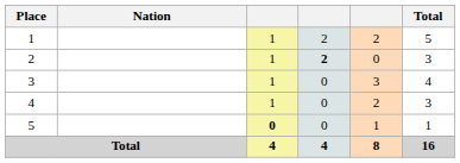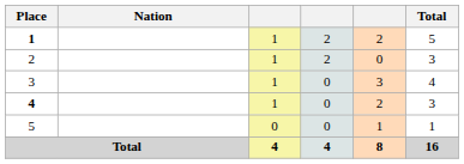 <table class=wikitable style="border:1px solid #AAAAAA;font-size:90%">
 <tr bgcolor="#EFEFEF">
 <th width=50>Place</th>
 <th width=200>Nation</th>
 <th width=50></th>
 <th width=50></th>
 <th width=50></th>
 <th width=50>Total</th>
 </tr>
 <tr align="center" valign="top" bgcolor="#FFFFFF">
-<td>1</td>
+<td><strong>1</strong></td>
 <td align="left"></td>
 <td style="background:#F7F6A8;">1</td>
 <td style="background:#DCE5E5;">2</td>
 <td style="background:#FFDAB9;">2</td>
 <td>5</td>
 </tr>
 <tr align="center" valign="top" bgcolor="#FFFFFF">
 <td>2</td>
 <td align="left"></td>
 <td style="background:#F7F6A8;">1</td>
-<td style="background:#DCE5E5;"><strong>2</strong></td>
+<td style="background:#DCE5E5;">2</td>
 <td style="background:#FFDAB9;">0</td>
 <td>3</td>
 </tr>
 <tr align="center" valign="top" bgcolor="#FFFFFF">
 <td>3</td>
 <td align="left"></td>
 <td style="background:#F7F6A8;">1</td>
 <td style="background:#DCE5E5;">0</td>
 <td style="background:#FFDAB9;">3</td>
 <td>4</td>
 </tr>
 <tr align="center" valign="top" bgcolor="#FFFFFF">
-<td>4</td>
+<td><strong>4</strong></td>
 <td align="left"></td>
 <td style="background:#F7F6A8;">1</td>
 <td style="background:#DCE5E5;">0</td>
 <td style="background:#FFDAB9;">2</td>
 <td>3</td>
 </tr>
 <tr align="center" valign="top" bgcolor="#FFFFFF">
 <td>5</td>
 <td align="left"></td>
-<td style="background:#F7F6A8;"><strong>0</strong></td>
+<td style="background:#F7F6A8;">0</td>
 <td style="background:#DCE5E5;">0</td>
 <td style="background:#FFDAB9;">1</td>
 <td>1</td>
 </tr>
 <tr align="center">
 <td colspan="2" bgcolor=D3D3D3><strong>Total</strong></td>
 <td style="background:#F7F6A8;"><strong>4</strong></td>
 <td style="background:#DCE5E5;"><strong>4</strong></td>
 <td style="background:#FFDAB9;"><strong>8</strong></td>
 <td bgcolor=D3D3D3><strong>16</strong></td>
 </tr>
 </table>
